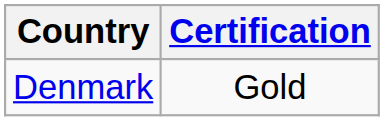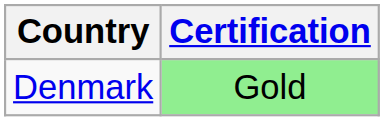 <table class="wikitable">
 <tr>
 <th>Country</th>
 <th><a href='#'>Certification</a></th>
 </tr>
 <tr>
 <td><a href='#'>Denmark</a></td>
-<td style="text-align:center;">Gold</td>
+<td style="background: lightgreen; text-align:center;">Gold</td>
 </tr>
 </table>
